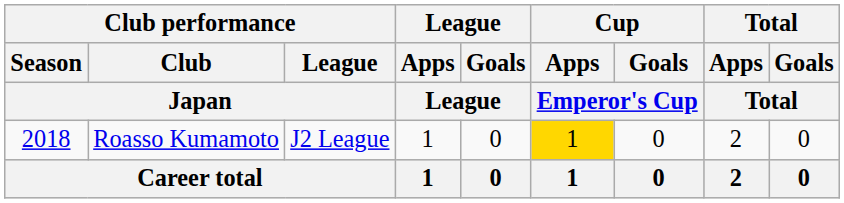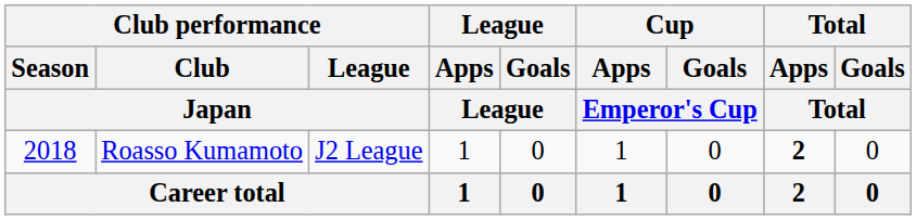 <table class="wikitable" style="text-align:center">
 <tr>
 <th colspan="3">Club performance</th>
 <th colspan="2">League</th>
 <th colspan="2">Cup</th>
 <th colspan="2">Total</th>
 </tr>
 <tr>
 <th>Season</th>
 <th>Club</th>
 <th>League</th>
 <th>Apps</th>
 <th>Goals</th>
 <th>Apps</th>
 <th>Goals</th>
 <th>Apps</th>
 <th>Goals</th>
 </tr>
 <tr>
 <th colspan="3">Japan</th>
 <th colspan="2">League</th>
 <th colspan="2"><a href='#'>Emperor's Cup</a></th>
 <th colspan="2">Total</th>
 </tr>
 <tr>
 <td><a href='#'>2018</a></td>
 <td rowspan="1"><a href='#'>Roasso Kumamoto</a></td>
 <td rowspan="1"><a href='#'>J2 League</a></td>
 <td>1</td>
 <td>0</td>
-<td style="background: gold;">1</td>
+<td>1</td>
 <td>0</td>
-<td>2</td>
+<td><strong>2</strong></td>
 <td>0</td>
 </tr>
 <tr>
 <th colspan="3">Career total</th>
 <th>1</th>
 <th>0</th>
 <th>1</th>
 <th>0</th>
 <th>2</th>
 <th>0</th>
 </tr>
 </table>
